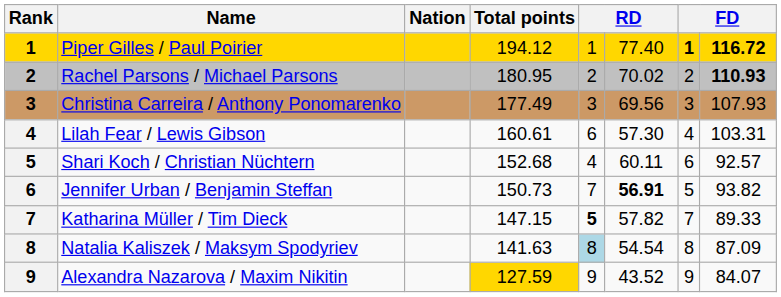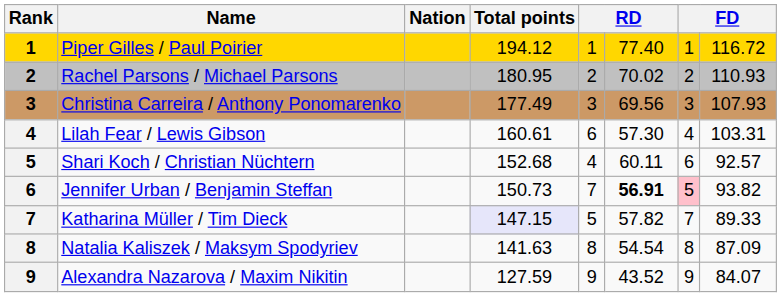 <table class="wikitable sortable">
 <tr>
 <th>Rank</th>
 <th>Name</th>
 <th>Nation</th>
 <th>Total points</th>
 <th colspan="2" width="80px"><a href='#'>RD</a></th>
 <th colspan="2" width="80px"><a href='#'>FD</a></th>
 </tr>
 <tr bgcolor="gold">
 <td align="center"><strong>1</strong></td>
 <td><a href='#'>Piper Gilles</a> / <a href='#'>Paul Poirier</a></td>
 <td></td>
 <td align="center">194.12</td>
 <td align="center">1</td>
 <td align="center">77.40</td>
-<td align="center"><strong>1</strong></td>
-<td align="center"><strong>116.72</strong></td>
+<td align="center">1</td>
+<td align="center">116.72</td>
 </tr>
 <tr bgcolor="silver">
 <td align="center"><strong>2</strong></td>
 <td><a href='#'>Rachel Parsons</a> / <a href='#'>Michael Parsons</a></td>
 <td></td>
 <td align="center">180.95</td>
 <td align="center">2</td>
 <td align="center">70.02</td>
 <td align="center">2</td>
-<td align="center"><strong>110.93</strong></td>
+<td align="center">110.93</td>
 </tr>
 <tr bgcolor="cc9966">
 <td align="center"><strong>3</strong></td>
 <td><a href='#'>Christina Carreira</a> / <a href='#'>Anthony Ponomarenko</a></td>
 <td></td>
 <td align="center">177.49</td>
 <td align="center">3</td>
 <td align="center">69.56</td>
 <td align="center">3</td>
 <td align="center">107.93</td>
 </tr>
 <tr>
 <th>4</th>
 <td><a href='#'>Lilah Fear</a> / <a href='#'>Lewis Gibson</a></td>
 <td></td>
 <td align="center">160.61</td>
 <td align="center">6</td>
 <td align="center">57.30</td>
 <td align="center">4</td>
 <td align="center">103.31</td>
 </tr>
 <tr>
 <th>5</th>
 <td><a href='#'>Shari Koch</a> / <a href='#'>Christian Nüchtern</a></td>
 <td></td>
 <td align="center">152.68</td>
 <td align="center">4</td>
 <td align="center">60.11</td>
 <td align="center">6</td>
 <td align="center">92.57</td>
 </tr>
 <tr>
 <th>6</th>
 <td><a href='#'>Jennifer Urban</a> / <a href='#'>Benjamin Steffan</a></td>
 <td></td>
 <td align="center">150.73</td>
 <td align="center">7</td>
 <td align="center"><strong>56.91</strong></td>
-<td align="center">5</td>
+<td align="center" style="background: pink;">5</td>
 <td align="center">93.82</td>
 </tr>
 <tr>
 <th>7</th>
 <td><a href='#'>Katharina Müller</a> / <a href='#'>Tim Dieck</a></td>
 <td></td>
-<td align="center">147.15</td>
-<td align="center"><strong>5</strong></td>
+<td align="center" style="background: lavender;">147.15</td>
+<td align="center">5</td>
 <td align="center">57.82</td>
 <td align="center">7</td>
 <td align="center">89.33</td>
 </tr>
 <tr>
 <th>8</th>
 <td><a href='#'>Natalia Kaliszek</a> / <a href='#'>Maksym Spodyriev</a></td>
 <td></td>
 <td align="center">141.63</td>
-<td align="center" style="background: lightblue;">8</td>
+<td align="center">8</td>
 <td align="center">54.54</td>
 <td align="center">8</td>
 <td align="center">87.09</td>
 </tr>
 <tr>
 <th>9</th>
 <td><a href='#'>Alexandra Nazarova</a> / <a href='#'>Maxim Nikitin</a></td>
 <td></td>
-<td align="center" style="background: gold;">127.59</td>
+<td align="center">127.59</td>
 <td align="center">9</td>
 <td align="center">43.52</td>
 <td align="center">9</td>
 <td align="center">84.07</td>
 </tr>
 </table>
